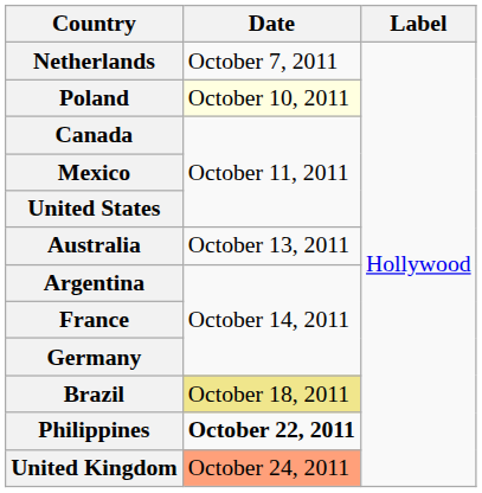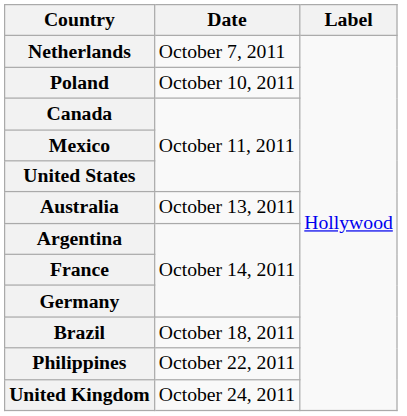 <table class="wikitable plainrowheaders">
 <tr>
 <th scope="col">Country</th>
 <th scope="col">Date</th>
 <th scope="col">Label</th>
 </tr>
 <tr>
 <th scope="row">Netherlands</th>
 <td>October 7, 2011</td>
 <td rowspan="12"><a href='#'>Hollywood</a></td>
 </tr>
 <tr>
 <th scope="row">Poland</th>
-<td style="background: lightyellow;">October 10, 2011</td>
+<td>October 10, 2011</td>
 </tr>
 <tr>
 <th scope="row">Canada</th>
 <td rowspan="3">October 11, 2011</td>
 </tr>
 <tr>
 <th scope="row">Mexico</th>
 </tr>
 <tr>
 <th scope="row">United States</th>
 </tr>
 <tr>
 <th scope="row">Australia</th>
 <td>October 13, 2011</td>
 </tr>
 <tr>
 <th scope="row">Argentina</th>
 <td rowspan=3>October 14, 2011</td>
 </tr>
 <tr>
 <th scope="row">France</th>
 </tr>
 <tr>
 <th scope="row">Germany</th>
 </tr>
 <tr>
 <th scope="row">Brazil</th>
-<td style="background: khaki;">October 18, 2011</td>
+<td>October 18, 2011</td>
 </tr>
 <tr>
 <th scope="row">Philippines</th>
-<td><strong>October 22, 2011</strong></td>
+<td>October 22, 2011</td>
 </tr>
 <tr>
 <th scope="row">United Kingdom</th>
-<td style="background: lightsalmon;">October 24, 2011</td>
+<td>October 24, 2011</td>
 </tr>
 </table>
